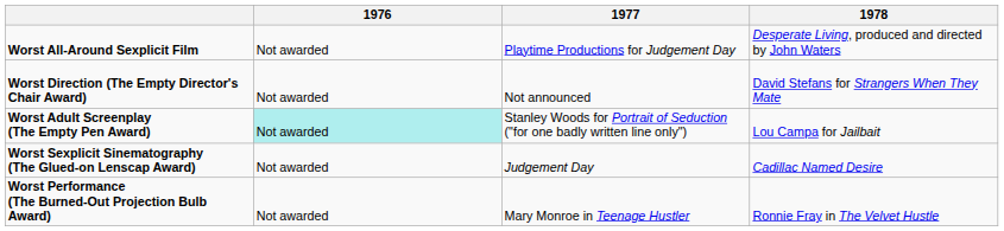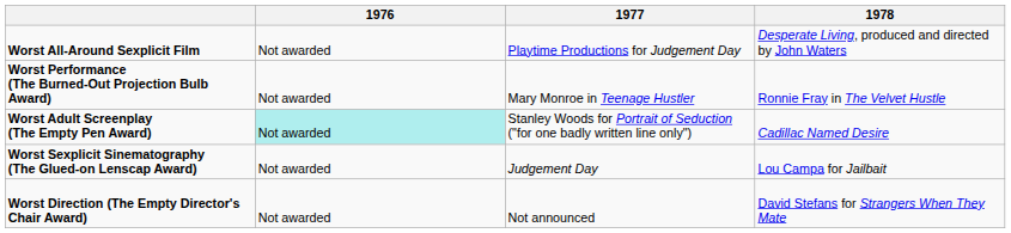 <table class="wikitable">
 <tr style="text-align:center; font-weight:bold; vertical-align:bottom;">
 <th style="width:25%;"></th>
 <th style="width:25%;">1976</th>
 <th style="width:25%;">1977</th>
 <th style="width:25%;">1978</th>
 </tr>
 <tr style="vertical-align:bottom;">
 <td style="font-weight:bold; height:18px;">Worst All-Around Sexplicit Film</td>
 <td>Not awarded</td>
 <td><a href='#'>Playtime Productions</a> for <em>Judgement Day</em></td>
 <td><em><a href='#'>Desperate Living</a></em>, produced and directed by <a href='#'>John Waters</a></td>
 </tr>
 <tr style="vertical-align:bottom;">
+<td style="font-weight:bold; height:18px;">Worst Performance<br>(The Burned-Out Projection Bulb Award)</td>
+<td>Not awarded</td>
+<td>Mary Monroe in <em><a href='#'>Teenage Hustler</a></em></td>
+<td><a href='#'>Ronnie Fray</a> in <em><a href='#'>The Velvet Hustle</a></em></td>
+</tr>
+<tr style="vertical-align:bottom;">
+<td style="font-weight:bold; height:18px;">Worst Adult Screenplay<br>(The Empty Pen Award)</td>
+<td style="background: paleturquoise;">Not awarded</td>
+<td>Stanley Woods for <em><a href='#'>Portrait of Seduction</a></em> ("for one badly written line only")</td>
+<td><em><a href='#'>Cadillac Named Desire</a></em></td>
+</tr>
+<tr style="vertical-align:bottom;">
+<td style="font-weight:bold; height:18px;">Worst Sexplicit Sinematography<br>(The Glued-on Lenscap Award)</td>
+<td>Not awarded</td>
+<td><em>Judgement Day</em></td>
+<td><a href='#'>Lou Campa</a> for <em>Jailbait</em></td>
+</tr>
+<tr style="vertical-align:bottom;">
 <td style="font-weight:bold; height:18px;"><br>Worst Direction (The Empty Director's Chair Award)</td>
 <td>Not awarded</td>
 <td>Not announced</td>
 <td><a href='#'>David Stefans</a> for <em><a href='#'>Strangers When They Mate</a></em></td>
 </tr>
-<tr style="vertical-align:bottom;">
-<td style="font-weight:bold; height:18px;">Worst Adult Screenplay<br>(The Empty Pen Award)</td>
-<td style="background: paleturquoise;">Not awarded</td>
-<td>Stanley Woods for <em><a href='#'>Portrait of Seduction</a></em> ("for one badly written line only")</td>
-<td><a href='#'>Lou Campa</a> for <em>Jailbait</em></td>
-</tr>
-<tr style="vertical-align:bottom;">
-<td style="font-weight:bold; height:18px;">Worst Sexplicit Sinematography<br>(The Glued-on Lenscap Award)</td>
-<td>Not awarded</td>
-<td><em>Judgement Day</em></td>
-<td><em><a href='#'>Cadillac Named Desire</a></em></td>
-</tr>
-<tr style="vertical-align:bottom;">
-<td style="font-weight:bold; height:18px;">Worst Performance<br>(The Burned-Out Projection Bulb Award)</td>
-<td>Not awarded</td>
-<td>Mary Monroe in <em><a href='#'>Teenage Hustler</a></em></td>
-<td><a href='#'>Ronnie Fray</a> in <em><a href='#'>The Velvet Hustle</a></em></td>
-</tr>
 </table>
